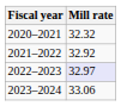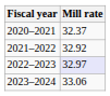 <table class="wikitable" style="display: inline-table;">
 <tr>
 <th>Fiscal year</th>
 <th>Mill rate</th>
 </tr>
 <tr>
 <td>2020–2021</td>
-<td>32.32</td>
+<td>32.37</td>
 </tr>
 <tr>
 <td>2021–2022</td>
 <td>32.92</td>
 </tr>
 <tr>
 <td>2022–2023</td>
 <td style="background: lavender;">32.97</td>
 </tr>
 <tr>
 <td>2023–2024</td>
 <td>33.06</td>
 </tr>
 </table>
